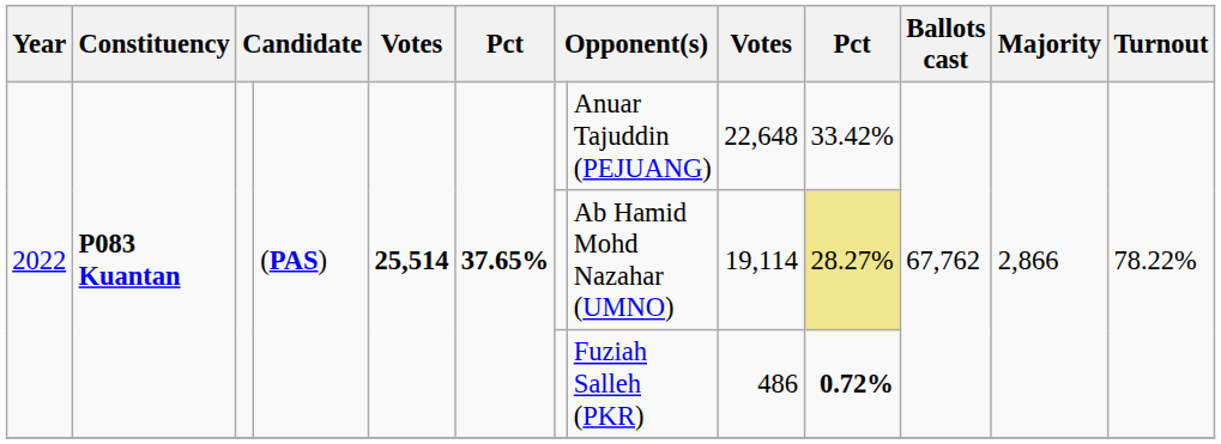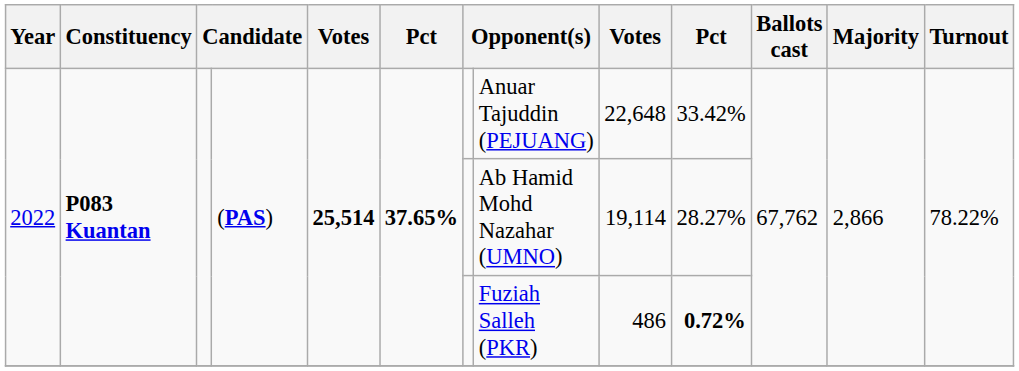 <table class="wikitable" style="margin:0.5em ; font-size:95%">
 <tr>
 <th>Year</th>
 <th>Constituency</th>
 <th colspan=2>Candidate</th>
 <th>Votes</th>
 <th>Pct</th>
 <th colspan=2>Opponent(s)</th>
 <th>Votes</th>
 <th>Pct</th>
 <th>Ballots cast</th>
 <th>Majority</th>
 <th>Turnout</th>
 </tr>
 <tr>
 <td rowspan=3><a href='#'>2022</a></td>
 <td rowspan=3><strong>P083 <a href='#'>Kuantan</a></strong></td>
 <td rowspan=3 bgcolor=></td>
 <td rowspan=3> (<a href='#'><strong>PAS</strong></a>)</td>
 <td rowspan=3 align=right><strong>25,514</strong></td>
 <td rowspan=3><strong>37.65%</strong></td>
 <td></td>
 <td>Anuar Tajuddin (<a href='#'>PEJUANG</a>)</td>
 <td align="right">22,648</td>
 <td>33.42%</td>
 <td rowspan=3>67,762</td>
 <td rowspan=3>2,866</td>
 <td rowspan=3>78.22%</td>
 </tr>
 <tr>
 <td></td>
 <td>Ab Hamid Mohd Nazahar (<a href='#'>UMNO</a>)</td>
 <td align="right">19,114</td>
-<td style="background: khaki;">28.27%</td>
+<td>28.27%</td>
 </tr>
 <tr>
 <td bgcolor=></td>
 <td><a href='#'>Fuziah Salleh</a> (<a href='#'>PKR</a>)</td>
 <td align="right">486</td>
 <td align="right"><strong>0.72%</strong></td>
 </tr>
 <tr>
 </tr>
 </table>
